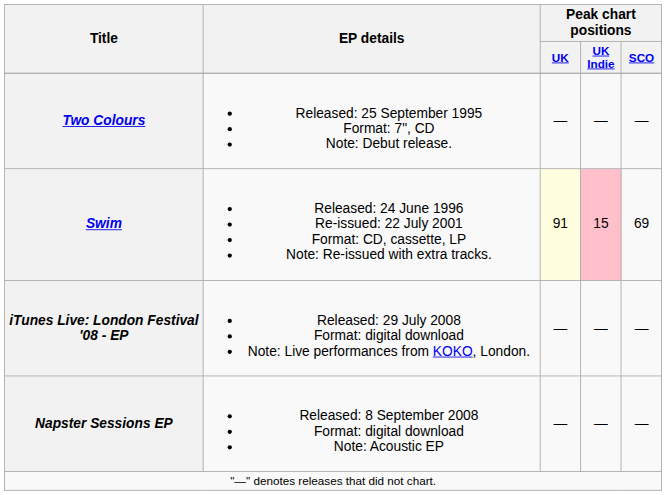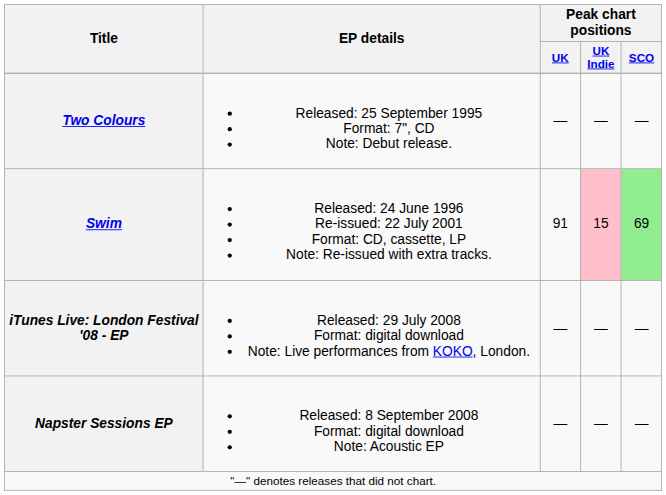 <table class="wikitable plainrowheaders" style="text-align:center;">
 <tr>
 <th scope="col" rowspan="2" style="width:14em;">Title</th>
 <th scope="col" rowspan="2" style="width:24em;">EP details</th>
 <th scope="col" colspan="3">Peak chart positions</th>
 </tr>
 <tr>
 <th scope="col" style="width:3em;font-size:85%;"><a href='#'>UK</a><br></th>
 <th scope="col" style="width:3em;font-size:85%;"><a href='#'>UK Indie</a><br></th>
 <th scope="col" style="width:3em;font-size:85%;"><a href='#'>SCO</a><br></th>
 </tr>
 <tr>
 </tr>
 <tr>
 <th scope="row"><em><a href='#'>Two Colours</a></em></th>
 <td><br><ul><li>Released: 25 September 1995</li><li>Format: 7", CD</li><li>Note: Debut release.</li></ul></td>
 <td>—</td>
 <td>—</td>
 <td>—</td>
 </tr>
 <tr>
 <th scope="row"><em><a href='#'>Swim</a></em></th>
 <td><br><ul><li>Released: 24 June 1996</li><li>Re-issued: 22 July 2001</li><li>Format: CD, cassette, LP</li><li>Note: Re-issued with extra tracks.</li></ul></td>
-<td style="background: lightyellow;">91</td>
+<td>91</td>
 <td style="background: pink;">15</td>
-<td>69</td>
+<td style="background: lightgreen;">69</td>
 </tr>
 <tr>
 <th scope="row"><em>iTunes Live: London Festival '08 - EP</em></th>
 <td><br><ul><li>Released: 29 July 2008</li><li>Format: digital download</li><li>Note: Live performances from <a href='#'>KOKO</a>, London.</li></ul></td>
 <td>—</td>
 <td>—</td>
 <td>—</td>
 </tr>
 <tr>
 <th scope="row"><em>Napster Sessions EP</em></th>
 <td><br><ul><li>Released: 8 September 2008</li><li>Format: digital download</li><li>Note: Acoustic EP</li></ul></td>
 <td>—</td>
 <td>—</td>
 <td>—</td>
 </tr>
 <tr>
 <td colspan="15" style="text-align:center; font-size:85%;">"—" denotes releases that did not chart.</td>
 </tr>
 </table>
